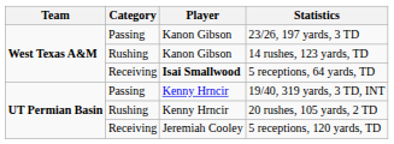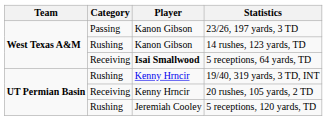 <table class="wikitable" style="float: right;">
 <tr>
 <th>Team</th>
 <th>Category</th>
 <th>Player</th>
 <th>Statistics</th>
 </tr>
 <tr>
 <td rowspan=3><strong>West Texas A&M</strong></td>
 <td>Passing</td>
 <td>Kanon Gibson</td>
 <td>23/26, 197 yards, 3 TD</td>
 </tr>
 <tr>
 <td>Rushing</td>
 <td>Kanon Gibson</td>
 <td>14 rushes, 123 yards, TD</td>
 </tr>
 <tr>
 <td>Receiving</td>
 <td><strong>Isai Smallwood</strong></td>
 <td>5 receptions, 64 yards, TD</td>
 </tr>
 <tr>
 <td rowspan=3><strong>UT Permian Basin</strong></td>
-<td>Passing</td>
+<td>Rushing</td>
 <td><a href='#'>Kenny Hrncir</a></td>
 <td>19/40, 319 yards, 3 TD, INT</td>
 </tr>
 <tr>
-<td>Rushing</td>
+<td>Receiving</td>
 <td>Kenny Hrncir</td>
 <td>20 rushes, 105 yards, 2 TD</td>
 </tr>
 <tr>
-<td>Receiving</td>
+<td>Rushing</td>
 <td>Jeremiah Cooley</td>
 <td>5 receptions, 120 yards, TD</td>
 </tr>
 </table>
